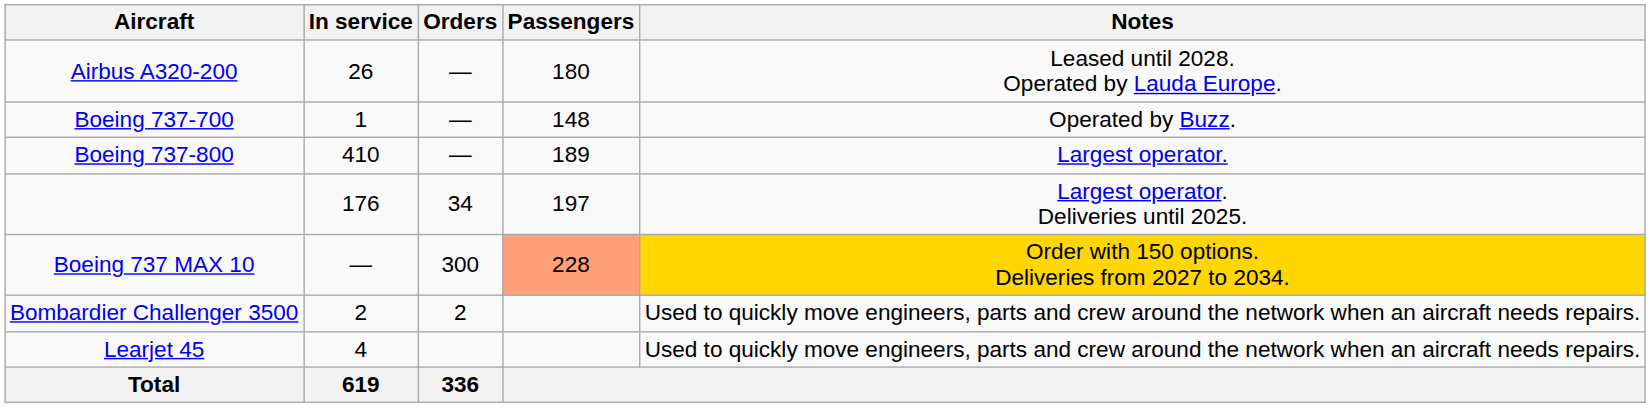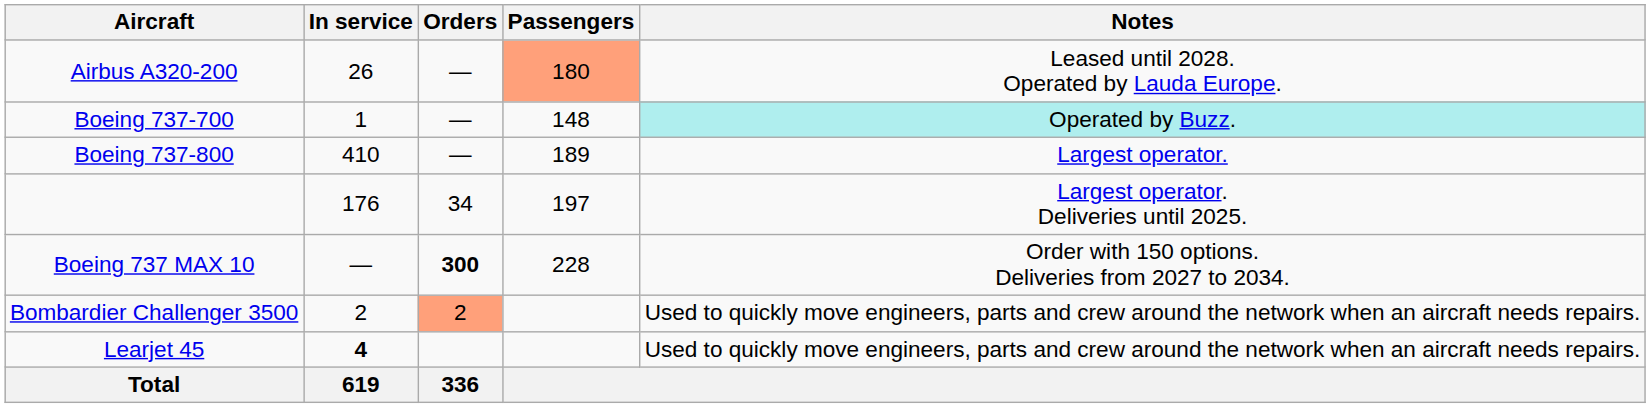 <table class="wikitable" style="text-align:center;margin:auto;">
 <tr>
 <th>Aircraft</th>
 <th>In service</th>
 <th>Orders</th>
 <th>Passengers</th>
 <th>Notes</th>
 </tr>
 <tr>
 <td><a href='#'>Airbus A320-200</a></td>
 <td>26</td>
 <td>—</td>
-<td>180</td>
+<td style="background: lightsalmon;">180</td>
 <td>Leased until 2028.<br>Operated by <a href='#'>Lauda Europe</a>.</td>
 </tr>
 <tr>
 <td><a href='#'>Boeing 737-700</a></td>
 <td>1</td>
 <td>—</td>
 <td>148</td>
-<td>Operated by <a href='#'>Buzz</a>.</td>
+<td style="background: paleturquoise;">Operated by <a href='#'>Buzz</a>.</td>
 </tr>
 <tr>
 <td><a href='#'>Boeing 737-800</a></td>
 <td>410</td>
 <td>—</td>
 <td>189</td>
 <td><a href='#'>Largest operator.</a></td>
 </tr>
 <tr>
 <td></td>
 <td>176</td>
 <td>34</td>
 <td>197</td>
 <td><a href='#'>Largest operator</a>.<br>Deliveries until 2025.</td>
 </tr>
 <tr>
 <td><a href='#'>Boeing 737 MAX 10</a></td>
 <td>—</td>
-<td>300</td>
-<td style="background: lightsalmon;">228</td>
-<td style="background: gold;">Order with 150 options.<br>Deliveries from 2027 to 2034.</td>
+<td><strong>300</strong></td>
+<td>228</td>
+<td>Order with 150 options.<br>Deliveries from 2027 to 2034.</td>
 </tr>
 <tr>
 <td><a href='#'>Bombardier Challenger 3500</a></td>
 <td>2</td>
-<td>2</td>
+<td style="background: lightsalmon;">2</td>
 <td></td>
 <td>Used to quickly move engineers, parts and crew around the network when an aircraft needs repairs.</td>
 </tr>
 <tr>
 <td><a href='#'>Learjet 45</a></td>
-<td>4</td>
+<td><strong>4</strong></td>
 <td></td>
 <td></td>
 <td>Used to quickly move engineers, parts and crew around the network when an aircraft needs repairs.</td>
 </tr>
 <tr>
 <th>Total</th>
 <th>619</th>
 <th>336</th>
 <th colspan="2"></th>
 </tr>
 </table>
